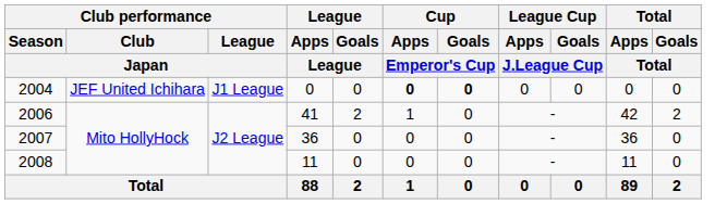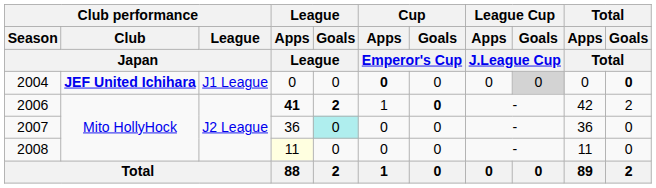 <table class="wikitable" style="text-align:center;">
 <tr>
 <th colspan=3>Club performance</th>
 <th colspan=2>League</th>
 <th colspan=2>Cup</th>
 <th colspan=2>League Cup</th>
 <th colspan=2>Total</th>
 </tr>
 <tr>
 <th>Season</th>
 <th>Club</th>
 <th>League</th>
 <th>Apps</th>
 <th>Goals</th>
 <th>Apps</th>
 <th>Goals</th>
 <th>Apps</th>
 <th>Goals</th>
 <th>Apps</th>
 <th>Goals</th>
 </tr>
 <tr>
 <th colspan=3>Japan</th>
 <th colspan=2>League</th>
 <th colspan=2><a href='#'>Emperor's Cup</a></th>
 <th colspan=2><a href='#'>J.League Cup</a></th>
 <th colspan=2>Total</th>
 </tr>
 <tr>
 <td>2004</td>
-<td><a href='#'>JEF United Ichihara</a></td>
+<td><strong><a href='#'>JEF United Ichihara</a></strong></td>
 <td><a href='#'>J1 League</a></td>
 <td>0</td>
 <td>0</td>
 <td><strong>0</strong></td>
-<td><strong>0</strong></td>
 <td>0</td>
 <td>0</td>
+<td style="background: lightgrey;">0</td>
 <td>0</td>
-<td>0</td>
+<td><strong>0</strong></td>
 </tr>
 <tr>
 <td>2006</td>
 <td rowspan="3"><a href='#'>Mito HollyHock</a></td>
 <td rowspan="3"><a href='#'>J2 League</a></td>
-<td>41</td>
-<td>2</td>
+<td><strong>41</strong></td>
+<td><strong>2</strong></td>
 <td>1</td>
-<td>0</td>
+<td><strong>0</strong></td>
 <td colspan="2">-</td>
 <td>42</td>
 <td>2</td>
 </tr>
 <tr>
 <td>2007</td>
 <td>36</td>
-<td>0</td>
+<td style="background: paleturquoise;">0</td>
 <td>0</td>
 <td>0</td>
 <td colspan="2">-</td>
 <td>36</td>
 <td>0</td>
 </tr>
 <tr>
 <td>2008</td>
-<td>11</td>
+<td style="background: lightyellow;">11</td>
 <td>0</td>
 <td>0</td>
 <td>0</td>
 <td colspan="2">-</td>
 <td>11</td>
 <td>0</td>
 </tr>
 <tr>
 <th colspan=3>Total</th>
 <th>88</th>
 <th>2</th>
 <th>1</th>
 <th>0</th>
 <th>0</th>
 <th>0</th>
 <th>89</th>
 <th>2</th>
 </tr>
 </table>
